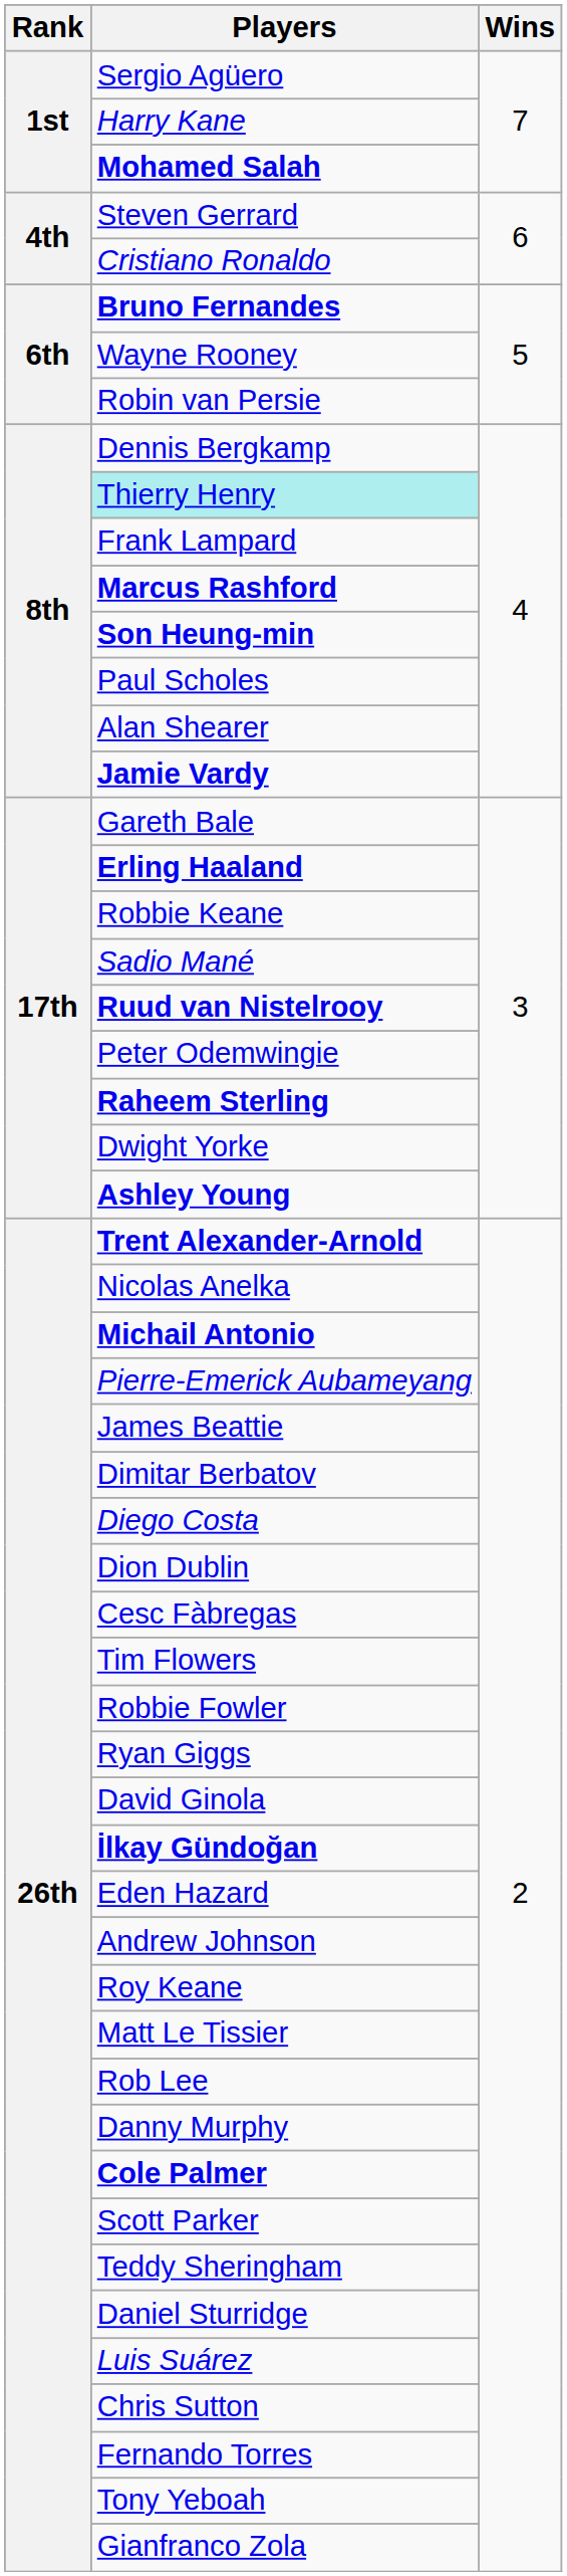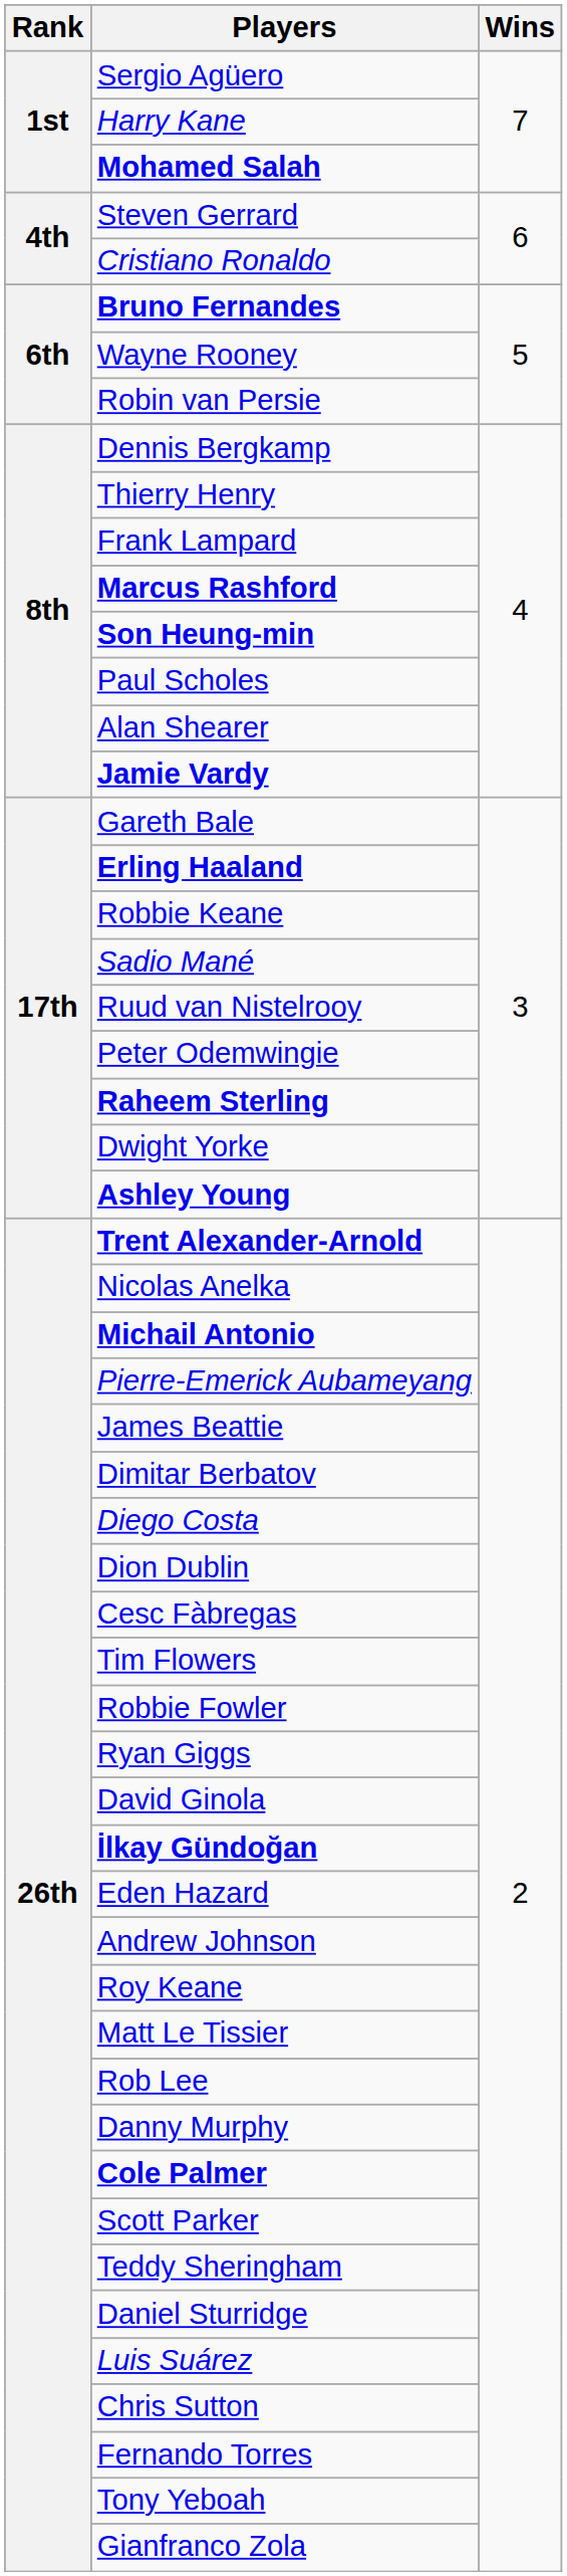 <table class="wikitable plainrowheaders">
 <tr>
 <th scope=col>Rank</th>
 <th scope=col>Players</th>
 <th scope=col>Wins</th>
 </tr>
 <tr>
 <th scope=row rowspan="3" style="text-align:center;">1st</th>
 <td><a href='#'>Sergio Agüero</a></td>
 <td rowspan="3" align="center">7</td>
 </tr>
 <tr>
 <td><em><a href='#'>Harry Kane</a></em></td>
 </tr>
 <tr>
 <td><strong><a href='#'>Mohamed Salah</a></strong></td>
 </tr>
 <tr>
 <th scope=row rowspan="2" style="text-align:center;">4th</th>
 <td><a href='#'>Steven Gerrard</a></td>
 <td rowspan="2" align="center">6</td>
 </tr>
 <tr>
 <td><em><a href='#'>Cristiano Ronaldo</a></em></td>
 </tr>
 <tr>
 <th rowspan="3" scope=row style="text-align:center;">6th</th>
 <td><strong><a href='#'>Bruno Fernandes</a></strong></td>
 <td rowspan="3" align="center">5</td>
 </tr>
 <tr>
 <td><a href='#'>Wayne Rooney</a></td>
 </tr>
 <tr>
 <td><a href='#'>Robin van Persie</a></td>
 </tr>
 <tr>
 <th rowspan="8" scope=row style="text-align:center;">8th</th>
 <td><a href='#'>Dennis Bergkamp</a></td>
 <td rowspan="8" align="center">4</td>
 </tr>
 <tr>
-<td style="background: paleturquoise;"><a href='#'>Thierry Henry</a></td>
+<td><a href='#'>Thierry Henry</a></td>
 </tr>
 <tr>
 <td><a href='#'>Frank Lampard</a></td>
 </tr>
 <tr>
 <td><strong><a href='#'>Marcus Rashford</a></strong></td>
 </tr>
 <tr>
 <td><strong><a href='#'>Son Heung-min</a></strong></td>
 </tr>
 <tr>
 <td><a href='#'>Paul Scholes</a></td>
 </tr>
 <tr>
 <td><a href='#'>Alan Shearer</a></td>
 </tr>
 <tr>
 <td><strong><a href='#'>Jamie Vardy</a></strong></td>
 </tr>
 <tr>
 <th scope=row rowspan="9" style="text-align:center;">17th</th>
 <td><a href='#'>Gareth Bale</a></td>
 <td rowspan="9" align="center">3</td>
 </tr>
 <tr>
 <td><strong><a href='#'>Erling Haaland</a></strong></td>
 </tr>
 <tr>
 <td><a href='#'>Robbie Keane</a></td>
 </tr>
 <tr>
 <td><em><a href='#'>Sadio Mané</a></em></td>
 </tr>
 <tr>
-<td><strong><a href='#'>Ruud van Nistelrooy</a></strong></td>
+<td><a href='#'>Ruud van Nistelrooy</a></td>
 </tr>
 <tr>
 <td><a href='#'>Peter Odemwingie</a></td>
 </tr>
 <tr>
 <td><strong><a href='#'>Raheem Sterling</a></strong></td>
 </tr>
 <tr>
 <td><a href='#'>Dwight Yorke</a></td>
 </tr>
 <tr>
 <td><strong><a href='#'>Ashley Young</a></strong></td>
 </tr>
 <tr>
 <th rowspan="29" scope="row" style="text-align:center;">26th</th>
 <td><strong><a href='#'>Trent Alexander-Arnold</a></strong></td>
 <td rowspan="29" align="center">2</td>
 </tr>
 <tr>
 <td><a href='#'>Nicolas Anelka</a></td>
 </tr>
 <tr>
 <td><strong><a href='#'>Michail Antonio</a></strong></td>
 </tr>
 <tr>
 <td><em><a href='#'>Pierre-Emerick Aubameyang</a></em></td>
 </tr>
 <tr>
 <td><a href='#'>James Beattie</a></td>
 </tr>
 <tr>
 <td><a href='#'>Dimitar Berbatov</a></td>
 </tr>
 <tr>
 <td><em><a href='#'>Diego Costa</a></em></td>
 </tr>
 <tr>
 <td><a href='#'>Dion Dublin</a></td>
 </tr>
 <tr>
 <td><a href='#'>Cesc Fàbregas</a></td>
 </tr>
 <tr>
 <td><a href='#'>Tim Flowers</a></td>
 </tr>
 <tr>
 <td><a href='#'>Robbie Fowler</a></td>
 </tr>
 <tr>
 <td><a href='#'>Ryan Giggs</a></td>
 </tr>
 <tr>
 <td><a href='#'>David Ginola</a></td>
 </tr>
 <tr>
 <td><strong><a href='#'>İlkay Gündoğan</a></strong></td>
 </tr>
 <tr>
 <td><a href='#'>Eden Hazard</a></td>
 </tr>
 <tr>
 <td><a href='#'>Andrew Johnson</a></td>
 </tr>
 <tr>
 <td><a href='#'>Roy Keane</a></td>
 </tr>
 <tr>
 <td><a href='#'>Matt Le Tissier</a></td>
 </tr>
 <tr>
 <td><a href='#'>Rob Lee</a></td>
 </tr>
 <tr>
 <td><a href='#'>Danny Murphy</a></td>
 </tr>
 <tr>
 <td><strong><a href='#'>Cole Palmer</a></strong></td>
 </tr>
 <tr>
 <td><a href='#'>Scott Parker</a></td>
 </tr>
 <tr>
 <td><a href='#'>Teddy Sheringham</a></td>
 </tr>
 <tr>
 <td><a href='#'>Daniel Sturridge</a></td>
 </tr>
 <tr>
 <td><em><a href='#'>Luis Suárez</a></em></td>
 </tr>
 <tr>
 <td><a href='#'>Chris Sutton</a></td>
 </tr>
 <tr>
 <td><a href='#'>Fernando Torres</a></td>
 </tr>
 <tr>
 <td><a href='#'>Tony Yeboah</a></td>
 </tr>
 <tr>
 <td><a href='#'>Gianfranco Zola</a></td>
 </tr>
 </table>
